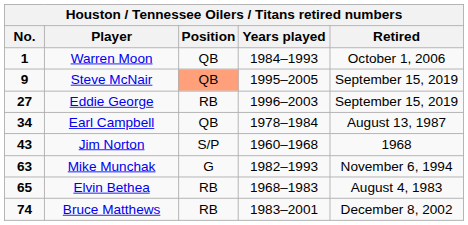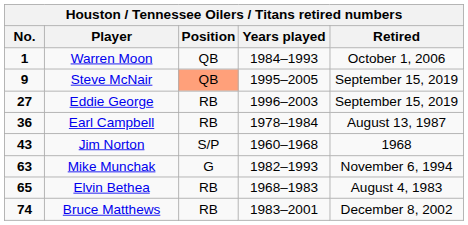 <table class="wikitable" style="text-align:center">
 <tr>
 <th colspan="5">Houston / Tennessee Oilers / Titans retired numbers</th>
 </tr>
 <tr>
 <th width=40px>No.</th>
 <th width=150px>Player</th>
 <th width=40px>Position</th>
 <th width=100px>Years played</th>
 <th width=150px>Retired</th>
 </tr>
 <tr>
 <td><strong>1</strong></td>
 <td><a href='#'>Warren Moon</a></td>
 <td>QB</td>
 <td>1984–1993</td>
 <td>October 1, 2006</td>
 </tr>
 <tr>
 <td><strong>9</strong></td>
 <td><a href='#'>Steve McNair</a></td>
 <td style="background: lightsalmon;">QB</td>
 <td>1995–2005</td>
 <td>September 15, 2019</td>
 </tr>
 <tr>
 <td><strong>27</strong></td>
 <td><a href='#'>Eddie George</a></td>
 <td>RB</td>
 <td>1996–2003</td>
 <td>September 15, 2019</td>
 </tr>
 <tr>
-<td><strong>34</strong></td>
+<td><strong>36</strong></td>
 <td><a href='#'>Earl Campbell</a></td>
-<td>QB</td>
+<td>RB</td>
 <td>1978–1984</td>
 <td>August 13, 1987</td>
 </tr>
 <tr>
 <td><strong>43</strong></td>
 <td><a href='#'>Jim Norton</a></td>
 <td>S/P</td>
 <td>1960–1968</td>
 <td>1968</td>
 </tr>
 <tr>
 <td><strong>63</strong></td>
 <td><a href='#'>Mike Munchak</a></td>
 <td>G</td>
 <td>1982–1993</td>
 <td>November 6, 1994</td>
 </tr>
 <tr>
 <td><strong>65</strong></td>
 <td><a href='#'>Elvin Bethea</a></td>
 <td>RB</td>
 <td>1968–1983</td>
 <td>August 4, 1983</td>
 </tr>
 <tr>
 <td><strong>74</strong></td>
 <td><a href='#'>Bruce Matthews</a></td>
 <td>RB</td>
 <td>1983–2001</td>
 <td>December 8, 2002</td>
 </tr>
 </table>
